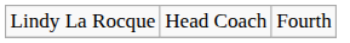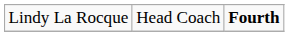 <table class="wikitable">
 <tr align=center>
 </tr>
 <tr>
 <td>Lindy La Rocque</td>
 <td>Head Coach</td>
-<td>Fourth</td>
+<td><strong>Fourth</strong></td>
 </tr>
 <tr>
 </tr>
 </table>
